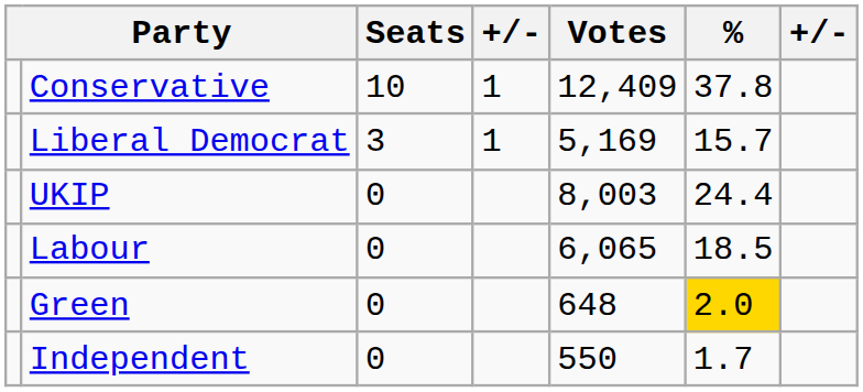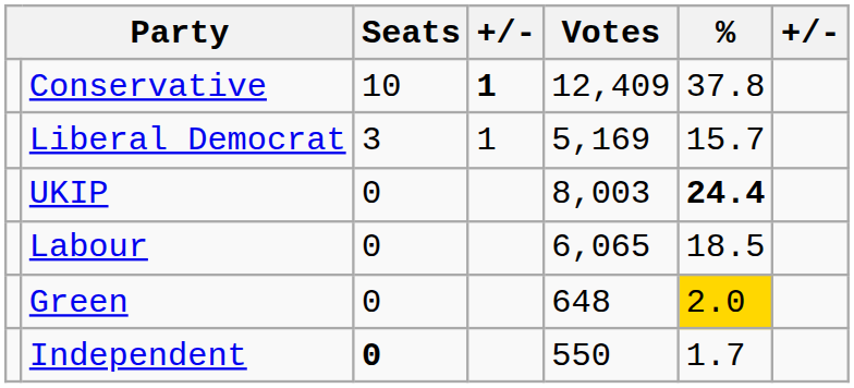 <table class="wikitable">
 <tr>
 <th colspan="2">Party</th>
 <th>Seats</th>
 <th>+/-</th>
 <th>Votes</th>
 <th>%</th>
 <th>+/-</th>
 </tr>
 <tr>
 <td style="background-color: "></td>
 <td><a href='#'>Conservative</a></td>
 <td>10</td>
-<td> 1</td>
+<td><strong> 1</strong></td>
 <td>12,409</td>
 <td>37.8</td>
 <td style="color:red"></td>
 </tr>
 <tr>
 <td style="background-color: "></td>
 <td><a href='#'>Liberal Democrat</a></td>
 <td>3</td>
 <td> 1</td>
 <td>5,169</td>
 <td>15.7</td>
 <td style="color:green"></td>
 </tr>
 <tr>
 <td style="background-color:"></td>
 <td><a href='#'>UKIP</a></td>
 <td>0</td>
 <td></td>
 <td>8,003</td>
-<td>24.4</td>
+<td><strong>24.4</strong></td>
 <td style="color:green"></td>
 </tr>
 <tr>
 <td style="background-color: "></td>
 <td><a href='#'>Labour</a></td>
 <td>0</td>
 <td></td>
 <td>6,065</td>
 <td>18.5</td>
 <td style="color:green"></td>
 </tr>
 <tr>
 <td style="background-color: "></td>
 <td><a href='#'>Green</a></td>
 <td>0</td>
 <td></td>
 <td>648</td>
 <td style="background: gold;">2.0</td>
 <td style="color:red"></td>
 </tr>
 <tr>
 <td style="background-color: "></td>
 <td><a href='#'>Independent</a></td>
-<td>0</td>
+<td><strong>0</strong></td>
 <td></td>
 <td>550</td>
 <td>1.7</td>
 <td style="color:green"></td>
 </tr>
 </table>
